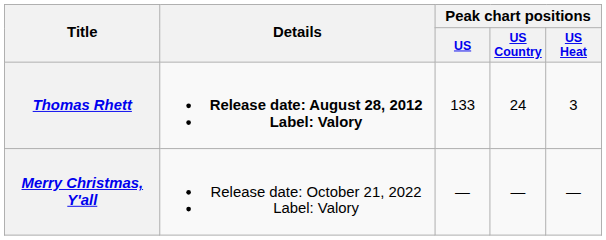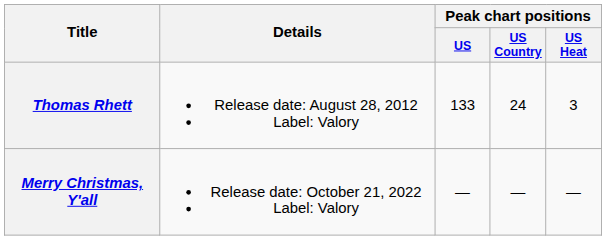 <table class="wikitable plainrowheaders" style="text-align:center;">
 <tr>
 <th scope="col" rowspan="2" style="width:10em;">Title</th>
 <th scope="col" rowspan="2" style="width:18em;">Details</th>
 <th scope="col" colspan="3">Peak chart positions</th>
 </tr>
 <tr style="font-size:smaller;">
 <th scope="col" style="width:4em;"><a href='#'>US</a><br></th>
 <th scope="col" style="width:4em;"><a href='#'>US Country</a><br></th>
 <th scope="col" style="width:4em;"><a href='#'>US<br>Heat</a><br></th>
 </tr>
 <tr>
 <th scope="row"><em><a href='#'>Thomas Rhett</a></em></th>
-<td><strong><br><ul><li>Release date: August 28, 2012</li><li>Label: Valory</li></ul></strong></td>
+<td><br><ul><li>Release date: August 28, 2012</li><li>Label: Valory</li></ul></td>
 <td>133</td>
 <td>24</td>
 <td>3</td>
 </tr>
 <tr>
 <th scope="row"><em><a href='#'>Merry Christmas, Y'all</a></em></th>
 <td><br><ul><li>Release date: October 21, 2022</li><li>Label: Valory</li></ul></td>
 <td>—</td>
 <td>—</td>
 <td>—</td>
 </tr>
 </table>
